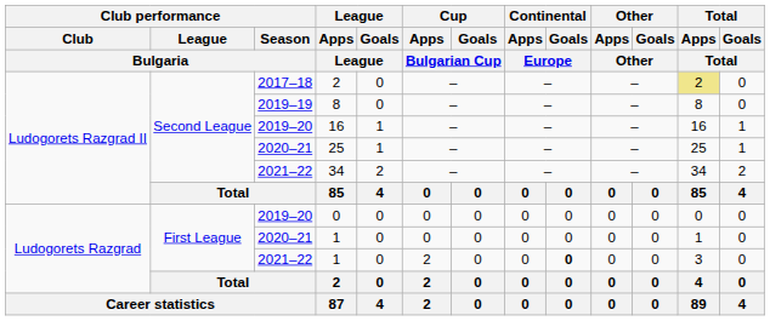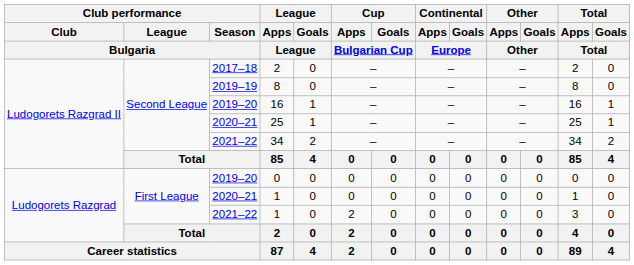 <table class="wikitable" style="text-align: center">
 <tr>
 <th colspan="3">Club performance</th>
 <th colspan="2">League</th>
 <th colspan="2">Cup</th>
 <th colspan="2">Continental</th>
 <th colspan="2">Other</th>
 <th colspan="3">Total</th>
 </tr>
 <tr>
 <th>Club</th>
 <th>League</th>
 <th>Season</th>
 <th>Apps</th>
 <th>Goals</th>
 <th>Apps</th>
 <th>Goals</th>
 <th>Apps</th>
 <th>Goals</th>
 <th>Apps</th>
 <th>Goals</th>
 <th>Apps</th>
 <th>Goals</th>
 </tr>
 <tr>
 <th colspan="3">Bulgaria</th>
 <th colspan="2">League</th>
 <th colspan="2"><a href='#'>Bulgarian Cup</a></th>
 <th colspan="2"><a href='#'>Europe</a></th>
 <th colspan="2">Other</th>
 <th colspan="2">Total</th>
 </tr>
 <tr>
 <td rowspan="6" valign="center"><a href='#'>Ludogorets Razgrad II</a></td>
 <td rowspan="5"><a href='#'>Second League</a></td>
 <td><a href='#'>2017–18</a></td>
 <td>2</td>
 <td>0</td>
 <td colspan="2">–</td>
 <td colspan="2">–</td>
 <td colspan="2">–</td>
-<td style="background: khaki;">2</td>
+<td>2</td>
 <td>0</td>
 </tr>
 <tr>
 <td><a href='#'>2019–19</a></td>
 <td>8</td>
 <td>0</td>
 <td colspan="2">–</td>
 <td colspan="2">–</td>
 <td colspan="2">–</td>
 <td>8</td>
 <td>0</td>
 </tr>
 <tr>
 <td><a href='#'>2019–20</a></td>
 <td>16</td>
 <td>1</td>
 <td colspan="2">–</td>
 <td colspan="2">–</td>
 <td colspan="2">–</td>
 <td>16</td>
 <td>1</td>
 </tr>
 <tr>
 <td><a href='#'>2020–21</a></td>
 <td>25</td>
 <td>1</td>
 <td colspan="2">–</td>
 <td colspan="2">–</td>
 <td colspan="2">–</td>
 <td>25</td>
 <td>1</td>
 </tr>
 <tr>
 <td><a href='#'>2021–22</a></td>
 <td>34</td>
 <td>2</td>
 <td colspan="2">–</td>
 <td colspan="2">–</td>
 <td colspan="2">–</td>
 <td>34</td>
 <td>2</td>
 </tr>
 <tr>
 <th colspan=2>Total</th>
 <th>85</th>
 <th>4</th>
 <th>0</th>
 <th>0</th>
 <th>0</th>
 <th>0</th>
 <th>0</th>
 <th>0</th>
 <th>85</th>
 <th>4</th>
 </tr>
 <tr>
 <td rowspan="4" valign="center"><a href='#'>Ludogorets Razgrad</a></td>
 <td rowspan="3"><a href='#'>First League</a></td>
 <td><a href='#'>2019–20</a></td>
 <td>0</td>
 <td>0</td>
 <td>0</td>
 <td>0</td>
 <td>0</td>
 <td>0</td>
 <td>0</td>
 <td>0</td>
 <td>0</td>
 <td>0</td>
 </tr>
 <tr>
 <td><a href='#'>2020–21</a></td>
 <td>1</td>
 <td>0</td>
 <td>0</td>
 <td>0</td>
 <td>0</td>
 <td>0</td>
 <td>0</td>
 <td>0</td>
 <td>1</td>
 <td>0</td>
 </tr>
 <tr>
 <td><a href='#'>2021–22</a></td>
 <td>1</td>
 <td>0</td>
 <td>2</td>
 <td>0</td>
 <td>0</td>
-<td><strong>0</strong></td>
+<td>0</td>
 <td>0</td>
 <td>0</td>
 <td>3</td>
 <td>0</td>
 </tr>
 <tr>
 <th colspan=2>Total</th>
 <th>2</th>
 <th>0</th>
 <th>2</th>
 <th>0</th>
 <th>0</th>
 <th>0</th>
 <th>0</th>
 <th>0</th>
 <th>4</th>
 <th>0</th>
 </tr>
 <tr>
 <th colspan="3">Career statistics</th>
 <th>87</th>
 <th>4</th>
 <th>2</th>
 <th>0</th>
 <th>0</th>
 <th>0</th>
 <th>0</th>
 <th>0</th>
 <th>89</th>
 <th>4</th>
 </tr>
 </table>
